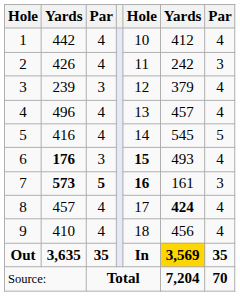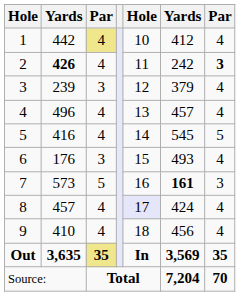 <table class="wikitable" style="text-align:center; font-size:100%;">
 <tr>
 <th>Hole</th>
 <th>Yards</th>
 <th>Par</th>
 <th></th>
 <th>Hole</th>
 <th>Yards</th>
 <th>Par</th>
 </tr>
 <tr>
 <td>1</td>
 <td>442</td>
-<td>4</td>
+<td style="background: khaki;">4</td>
 <td rowspan=10 style="background:#E6E8FA;"></td>
 <td>10</td>
 <td>412</td>
 <td>4</td>
 </tr>
 <tr>
 <td>2</td>
-<td>426</td>
+<td><strong>426</strong></td>
 <td>4</td>
 <td>11</td>
 <td>242</td>
-<td>3</td>
+<td><strong>3</strong></td>
 </tr>
 <tr>
 <td>3</td>
 <td>239</td>
 <td>3</td>
 <td>12</td>
 <td>379</td>
 <td>4</td>
 </tr>
 <tr>
 <td>4</td>
 <td>496</td>
 <td>4</td>
 <td>13</td>
 <td>457</td>
 <td>4</td>
 </tr>
 <tr>
 <td>5</td>
 <td>416</td>
 <td>4</td>
 <td>14</td>
 <td>545</td>
 <td>5</td>
 </tr>
 <tr>
 <td>6</td>
-<td><strong>176</strong></td>
+<td>176</td>
 <td>3</td>
-<td><strong>15</strong></td>
+<td>15</td>
 <td>493</td>
 <td>4</td>
 </tr>
 <tr>
 <td>7</td>
-<td><strong>573</strong></td>
-<td><strong>5</strong></td>
-<td><strong>16</strong></td>
-<td>161</td>
+<td>573</td>
+<td>5</td>
+<td>16</td>
+<td><strong>161</strong></td>
 <td>3</td>
 </tr>
 <tr>
 <td>8</td>
 <td>457</td>
 <td>4</td>
-<td>17</td>
-<td><strong>424</strong></td>
+<td style="background: lavender;">17</td>
+<td>424</td>
 <td>4</td>
 </tr>
 <tr>
 <td>9</td>
 <td>410</td>
 <td>4</td>
 <td>18</td>
 <td>456</td>
 <td>4</td>
 </tr>
 <tr>
 <td><strong>Out</strong></td>
 <td><strong>3,635</strong></td>
-<td><strong>35</strong></td>
+<td style="background: khaki;"><strong>35</strong></td>
 <td><strong>In</strong></td>
-<td style="background: gold;"><strong>3,569</strong></td>
+<td><strong>3,569</strong></td>
 <td><strong>35</strong></td>
 </tr>
 <tr>
 <td colspan=2 align=left><small>Source:</small></td>
 <td colspan=3><strong>Total</strong></td>
 <td><strong>7,204</strong></td>
 <td><strong>70</strong></td>
 </tr>
 </table>
